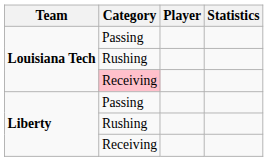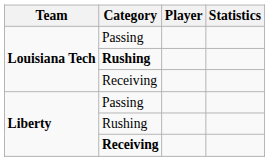 <table class="wikitable" style="float: left;">
 <tr>
 <th>Team</th>
 <th>Category</th>
 <th>Player</th>
 <th>Statistics</th>
 </tr>
 <tr>
 <td rowspan=3><strong>Louisiana Tech</strong></td>
 <td>Passing</td>
 <td></td>
 <td></td>
 </tr>
 <tr>
-<td>Rushing</td>
+<td><strong>Rushing</strong></td>
 <td></td>
 <td></td>
 </tr>
 <tr>
-<td style="background: pink;">Receiving</td>
+<td>Receiving</td>
 <td></td>
 <td></td>
 </tr>
 <tr>
 <td rowspan=3><strong>Liberty</strong></td>
 <td>Passing</td>
 <td></td>
 <td></td>
 </tr>
 <tr>
 <td>Rushing</td>
 <td></td>
 <td></td>
 </tr>
 <tr>
-<td>Receiving</td>
+<td><strong>Receiving</strong></td>
 <td></td>
 <td></td>
 </tr>
 </table>
